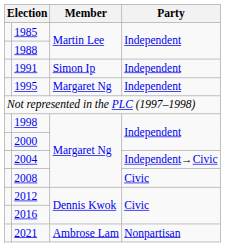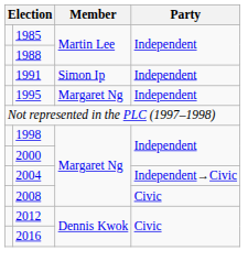 <table class="wikitable">
 <tr>
 <th colspan="2">Election</th>
 <th>Member</th>
 <th>Party</th>
 </tr>
 <tr>
 <td style="background-color: "></td>
 <td><a href='#'>1985</a></td>
 <td rowspan=2><a href='#'>Martin Lee</a></td>
 <td rowspan=2><a href='#'>Independent</a></td>
 </tr>
 <tr>
 <td style="background-color: "></td>
 <td><a href='#'>1988</a></td>
 </tr>
 <tr>
 <td style="background-color: "></td>
 <td><a href='#'>1991</a></td>
 <td><a href='#'>Simon Ip</a></td>
 <td><a href='#'>Independent</a></td>
 </tr>
 <tr>
 <td style="background-color: "></td>
 <td><a href='#'>1995</a></td>
 <td><a href='#'>Margaret Ng</a></td>
 <td><a href='#'>Independent</a></td>
 </tr>
 <tr>
 <td colspan="4"><em>Not represented in the <a href='#'>PLC</a> (1997–1998)</em></td>
 </tr>
 <tr>
 <td style="background-color: "></td>
 <td><a href='#'>1998</a></td>
 <td rowspan="4"><a href='#'>Margaret Ng</a></td>
 <td rowspan=2><a href='#'>Independent</a></td>
 </tr>
 <tr>
 <td style="background-color: "></td>
 <td><a href='#'>2000</a></td>
 </tr>
 <tr>
 <td style="background-color: "></td>
 <td><a href='#'>2004</a></td>
 <td><a href='#'>Independent</a>→<a href='#'>Civic</a></td>
 </tr>
 <tr>
 <td style="background-color: "></td>
 <td><a href='#'>2008</a></td>
 <td><a href='#'>Civic</a></td>
 </tr>
 <tr>
 <td style="background-color: "></td>
 <td><a href='#'>2012</a></td>
 <td rowspan="2"><a href='#'>Dennis Kwok</a></td>
 <td rowspan="2"><a href='#'>Civic</a></td>
 </tr>
 <tr>
 <td style="background-color: "></td>
 <td><a href='#'>2016</a></td>
 </tr>
-<tr>
-<td style="background-color: "></td>
-<td><a href='#'>2021</a></td>
-<td><a href='#'>Ambrose Lam</a></td>
-<td><a href='#'>Nonpartisan</a></td>
-</tr>
 </table>
